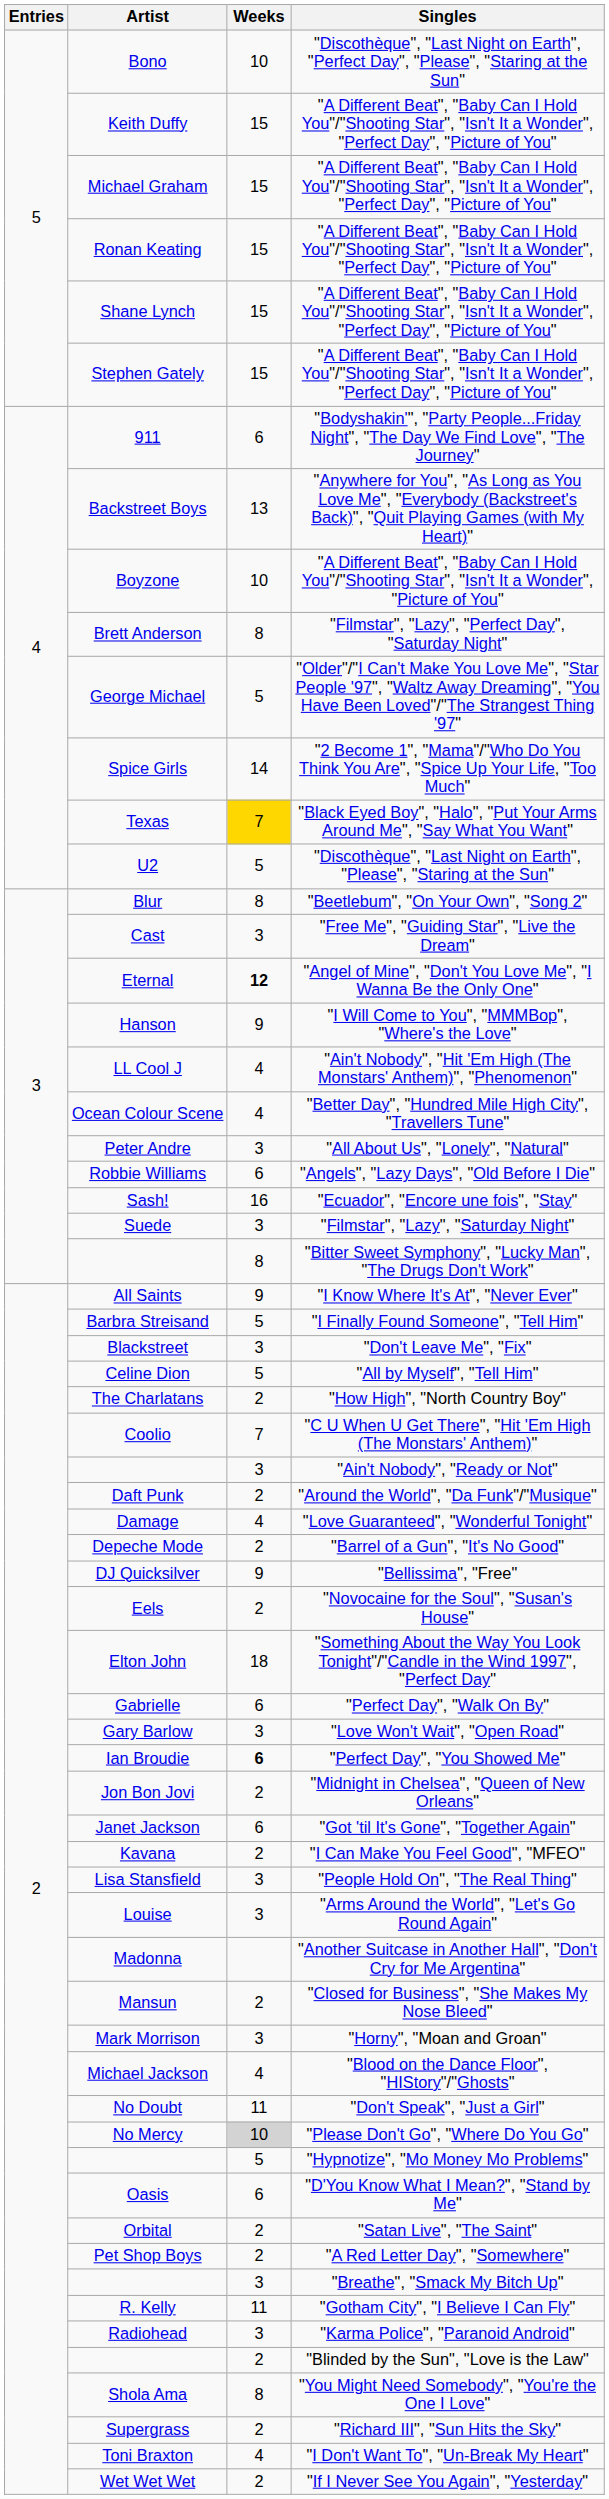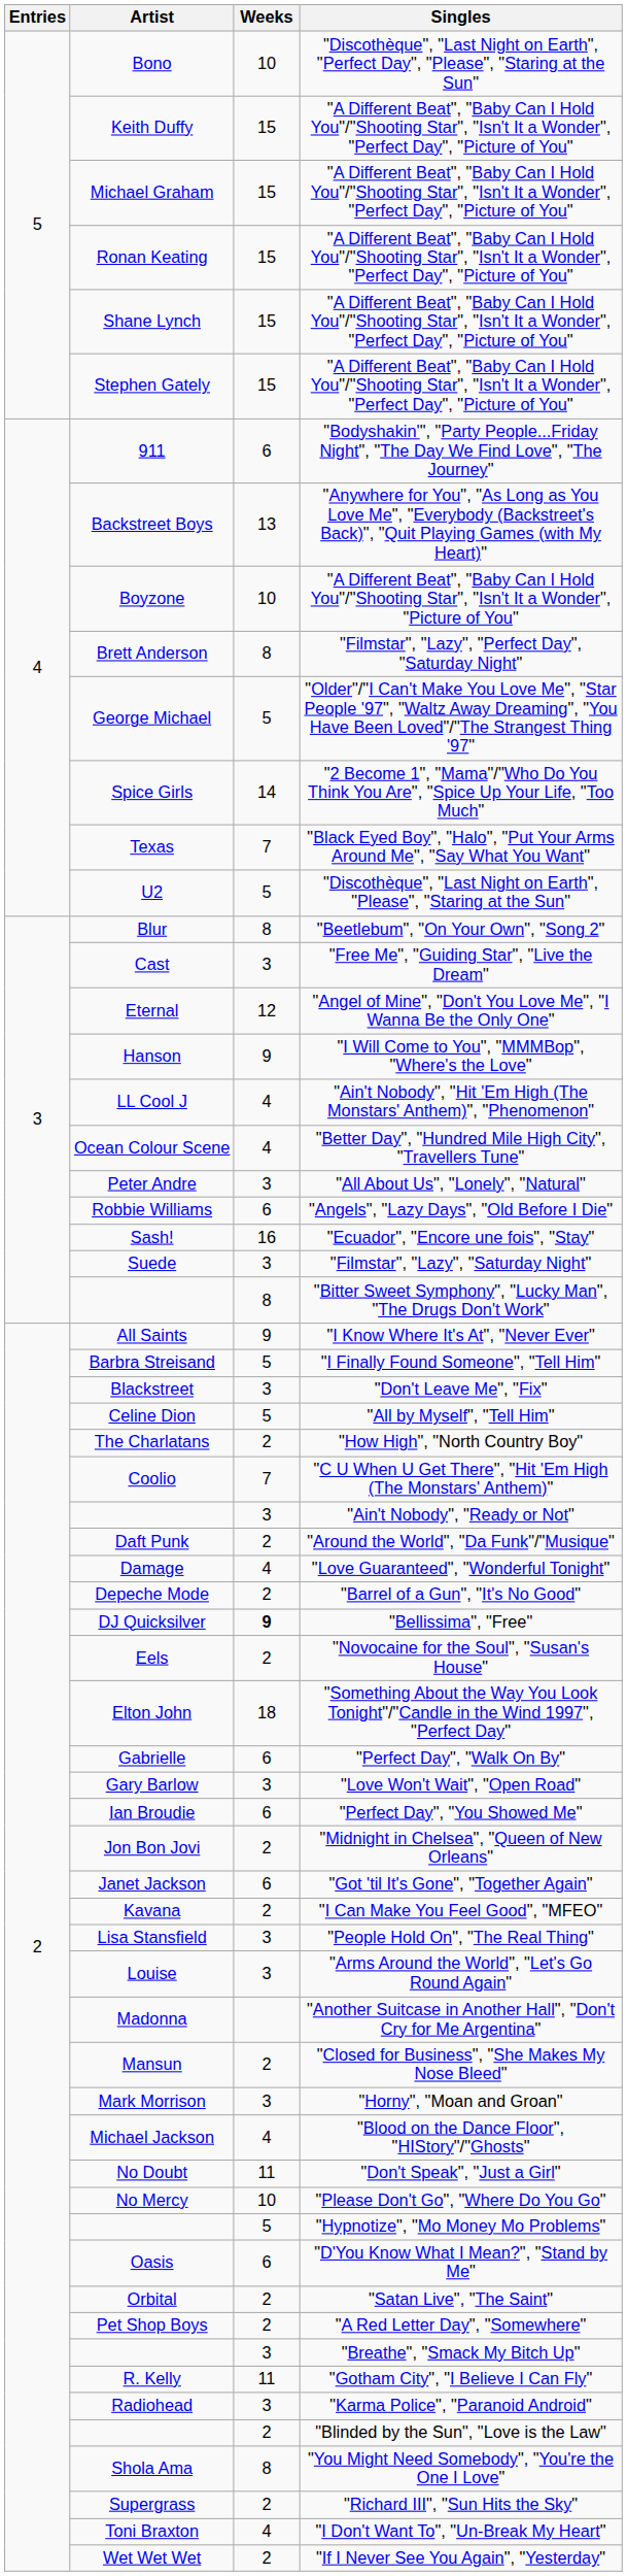 <table class="wikitable sortable" style="text-align: center;">
 <tr>
 <th scope="col" style="width:55px;" data-sort-type="number">Entries</th>
 <th scope="col" style="text-align:center;">Artist</th>
 <th scope="col" style="width:55px;" data-sort-type="number">Weeks</th>
 <th scope="col" style="width:300px;">Singles</th>
 </tr>
 <tr>
 <td rowspan="6">5</td>
 <td><a href='#'>Bono</a> </td>
 <td>10</td>
 <td>"<a href='#'>Discothèque</a>", "<a href='#'>Last Night on Earth</a>", "<a href='#'>Perfect Day</a>", "<a href='#'>Please</a>", "<a href='#'>Staring at the Sun</a>"</td>
 </tr>
 <tr>
 <td><a href='#'>Keith Duffy</a> </td>
 <td>15</td>
 <td>"<a href='#'>A Different Beat</a>", "<a href='#'>Baby Can I Hold You</a>"/"<a href='#'>Shooting Star</a>", "<a href='#'>Isn't It a Wonder</a>", "<a href='#'>Perfect Day</a>", "<a href='#'>Picture of You</a>"</td>
 </tr>
 <tr>
 <td><a href='#'>Michael Graham</a> </td>
 <td>15</td>
 <td>"<a href='#'>A Different Beat</a>", "<a href='#'>Baby Can I Hold You</a>"/"<a href='#'>Shooting Star</a>", "<a href='#'>Isn't It a Wonder</a>", "<a href='#'>Perfect Day</a>", "<a href='#'>Picture of You</a>"</td>
 </tr>
 <tr>
 <td><a href='#'>Ronan Keating</a> </td>
 <td>15</td>
 <td>"<a href='#'>A Different Beat</a>", "<a href='#'>Baby Can I Hold You</a>"/"<a href='#'>Shooting Star</a>", "<a href='#'>Isn't It a Wonder</a>", "<a href='#'>Perfect Day</a>", "<a href='#'>Picture of You</a>"</td>
 </tr>
 <tr>
 <td><a href='#'>Shane Lynch</a> </td>
 <td>15</td>
 <td>"<a href='#'>A Different Beat</a>", "<a href='#'>Baby Can I Hold You</a>"/"<a href='#'>Shooting Star</a>", "<a href='#'>Isn't It a Wonder</a>", "<a href='#'>Perfect Day</a>", "<a href='#'>Picture of You</a>"</td>
 </tr>
 <tr>
 <td><a href='#'>Stephen Gately</a> </td>
 <td>15</td>
 <td>"<a href='#'>A Different Beat</a>", "<a href='#'>Baby Can I Hold You</a>"/"<a href='#'>Shooting Star</a>", "<a href='#'>Isn't It a Wonder</a>", "<a href='#'>Perfect Day</a>", "<a href='#'>Picture of You</a>"</td>
 </tr>
 <tr>
 <td rowspan="8">4</td>
 <td><a href='#'>911</a></td>
 <td>6</td>
 <td>"<a href='#'>Bodyshakin'</a>", "<a href='#'>Party People...Friday Night</a>", "<a href='#'>The Day We Find Love</a>", "<a href='#'>The Journey</a>"</td>
 </tr>
 <tr>
 <td><a href='#'>Backstreet Boys</a></td>
 <td>13</td>
 <td>"<a href='#'>Anywhere for You</a>", "<a href='#'>As Long as You Love Me</a>", "<a href='#'>Everybody (Backstreet's Back)</a>", "<a href='#'>Quit Playing Games (with My Heart)</a>"</td>
 </tr>
 <tr>
 <td><a href='#'>Boyzone</a> </td>
 <td>10</td>
 <td>"<a href='#'>A Different Beat</a>", "<a href='#'>Baby Can I Hold You</a>"/"<a href='#'>Shooting Star</a>", "<a href='#'>Isn't It a Wonder</a>", "<a href='#'>Picture of You</a>"</td>
 </tr>
 <tr>
 <td><a href='#'>Brett Anderson</a> </td>
 <td>8</td>
 <td>"<a href='#'>Filmstar</a>", "<a href='#'>Lazy</a>", "<a href='#'>Perfect Day</a>", "<a href='#'>Saturday Night</a>"</td>
 </tr>
 <tr>
 <td><a href='#'>George Michael</a></td>
 <td>5</td>
 <td>"<a href='#'>Older</a>"/"<a href='#'>I Can't Make You Love Me</a>", "<a href='#'>Star People '97</a>", "<a href='#'>Waltz Away Dreaming</a>", "<a href='#'>You Have Been Loved</a>"/"<a href='#'>The Strangest Thing '97</a>"</td>
 </tr>
 <tr>
 <td><a href='#'>Spice Girls</a> </td>
 <td>14</td>
 <td>"<a href='#'>2 Become 1</a>", "<a href='#'>Mama</a>"/"<a href='#'>Who Do You Think You Are</a>", "<a href='#'>Spice Up Your Life</a>, "<a href='#'>Too Much</a>"</td>
 </tr>
 <tr>
 <td><a href='#'>Texas</a></td>
-<td style="background: gold;">7</td>
+<td>7</td>
 <td>"<a href='#'>Black Eyed Boy</a>", "<a href='#'>Halo</a>", "<a href='#'>Put Your Arms Around Me</a>", "<a href='#'>Say What You Want</a>"</td>
 </tr>
 <tr>
 <td><a href='#'>U2</a></td>
 <td>5</td>
 <td>"<a href='#'>Discothèque</a>", "<a href='#'>Last Night on Earth</a>", "<a href='#'>Please</a>", "<a href='#'>Staring at the Sun</a>"</td>
 </tr>
 <tr>
 <td rowspan="11">3</td>
 <td><a href='#'>Blur</a></td>
 <td>8</td>
 <td>"<a href='#'>Beetlebum</a>", "<a href='#'>On Your Own</a>", "<a href='#'>Song 2</a>"</td>
 </tr>
 <tr>
 <td><a href='#'>Cast</a></td>
 <td>3</td>
 <td>"<a href='#'>Free Me</a>", "<a href='#'>Guiding Star</a>", "<a href='#'>Live the Dream</a>"</td>
 </tr>
 <tr>
 <td><a href='#'>Eternal</a></td>
-<td><strong>12</strong></td>
+<td>12</td>
 <td>"<a href='#'>Angel of Mine</a>", "<a href='#'>Don't You Love Me</a>", "<a href='#'>I Wanna Be the Only One</a>"</td>
 </tr>
 <tr>
 <td><a href='#'>Hanson</a></td>
 <td>9</td>
 <td>"<a href='#'>I Will Come to You</a>", "<a href='#'>MMMBop</a>", "<a href='#'>Where's the Love</a>"</td>
 </tr>
 <tr>
 <td><a href='#'>LL Cool J</a></td>
 <td>4</td>
 <td>"<a href='#'>Ain't Nobody</a>", "<a href='#'>Hit 'Em High (The Monstars' Anthem)</a>", "<a href='#'>Phenomenon</a>"</td>
 </tr>
 <tr>
 <td><a href='#'>Ocean Colour Scene</a></td>
 <td>4</td>
 <td>"<a href='#'>Better Day</a>", "<a href='#'>Hundred Mile High City</a>", "<a href='#'>Travellers Tune</a>"</td>
 </tr>
 <tr>
 <td><a href='#'>Peter Andre</a></td>
 <td>3</td>
 <td>"<a href='#'>All About Us</a>", "<a href='#'>Lonely</a>", "<a href='#'>Natural</a>"</td>
 </tr>
 <tr>
 <td><a href='#'>Robbie Williams</a> </td>
 <td>6</td>
 <td>"<a href='#'>Angels</a>", "<a href='#'>Lazy Days</a>", "<a href='#'>Old Before I Die</a>"</td>
 </tr>
 <tr>
 <td><a href='#'>Sash!</a></td>
 <td>16</td>
 <td>"<a href='#'>Ecuador</a>", "<a href='#'>Encore une fois</a>", "<a href='#'>Stay</a>"</td>
 </tr>
 <tr>
 <td><a href='#'>Suede</a></td>
 <td>3</td>
 <td>"<a href='#'>Filmstar</a>", "<a href='#'>Lazy</a>", "<a href='#'>Saturday Night</a>"</td>
 </tr>
 <tr>
 <td></td>
 <td>8</td>
 <td>"<a href='#'>Bitter Sweet Symphony</a>", "<a href='#'>Lucky Man</a>", "<a href='#'>The Drugs Don't Work</a>"</td>
 </tr>
 <tr>
 <td rowspan="40">2</td>
 <td><a href='#'>All Saints</a> </td>
 <td>9</td>
 <td>"<a href='#'>I Know Where It's At</a>", "<a href='#'>Never Ever</a>"</td>
 </tr>
 <tr>
 <td><a href='#'>Barbra Streisand</a></td>
 <td>5</td>
 <td>"<a href='#'>I Finally Found Someone</a>", "<a href='#'>Tell Him</a>"</td>
 </tr>
 <tr>
 <td><a href='#'>Blackstreet</a></td>
 <td>3</td>
 <td>"<a href='#'>Don't Leave Me</a>", "<a href='#'>Fix</a>"</td>
 </tr>
 <tr>
 <td><a href='#'>Celine Dion</a> </td>
 <td>5</td>
 <td>"<a href='#'>All by Myself</a>", "<a href='#'>Tell Him</a>"</td>
 </tr>
 <tr>
 <td><a href='#'>The Charlatans</a></td>
 <td>2</td>
 <td>"<a href='#'>How High</a>", "North Country Boy"</td>
 </tr>
 <tr>
 <td><a href='#'>Coolio</a></td>
 <td>7</td>
 <td>"<a href='#'>C U When U Get There</a>", "<a href='#'>Hit 'Em High (The Monstars' Anthem)</a>"</td>
 </tr>
 <tr>
 <td></td>
 <td>3</td>
 <td>"<a href='#'>Ain't Nobody</a>", "<a href='#'>Ready or Not</a>"</td>
 </tr>
 <tr>
 <td><a href='#'>Daft Punk</a></td>
 <td>2</td>
 <td>"<a href='#'>Around the World</a>", "<a href='#'>Da Funk</a>"/"<a href='#'>Musique</a>"</td>
 </tr>
 <tr>
 <td><a href='#'>Damage</a></td>
 <td>4</td>
 <td>"<a href='#'>Love Guaranteed</a>", "<a href='#'>Wonderful Tonight</a>"</td>
 </tr>
 <tr>
 <td><a href='#'>Depeche Mode</a></td>
 <td>2</td>
 <td>"<a href='#'>Barrel of a Gun</a>", "<a href='#'>It's No Good</a>"</td>
 </tr>
 <tr>
 <td><a href='#'>DJ Quicksilver</a></td>
-<td>9</td>
+<td><strong>9</strong></td>
 <td>"<a href='#'>Bellissima</a>", "Free"</td>
 </tr>
 <tr>
 <td><a href='#'>Eels</a></td>
 <td>2</td>
 <td>"<a href='#'>Novocaine for the Soul</a>", "<a href='#'>Susan's House</a>"</td>
 </tr>
 <tr>
 <td><a href='#'>Elton John</a> </td>
 <td>18</td>
 <td>"<a href='#'>Something About the Way You Look Tonight</a>"/"<a href='#'>Candle in the Wind 1997</a>", "<a href='#'>Perfect Day</a>"</td>
 </tr>
 <tr>
 <td><a href='#'>Gabrielle</a> </td>
 <td>6</td>
 <td>"<a href='#'>Perfect Day</a>", "<a href='#'>Walk On By</a>"</td>
 </tr>
 <tr>
 <td><a href='#'>Gary Barlow</a></td>
 <td>3</td>
 <td>"<a href='#'>Love Won't Wait</a>", "<a href='#'>Open Road</a>"</td>
 </tr>
 <tr>
 <td><a href='#'>Ian Broudie</a> </td>
-<td><strong>6</strong></td>
+<td>6</td>
 <td>"<a href='#'>Perfect Day</a>", "<a href='#'>You Showed Me</a>"</td>
 </tr>
 <tr>
 <td><a href='#'>Jon Bon Jovi</a></td>
 <td>2</td>
 <td>"<a href='#'>Midnight in Chelsea</a>", "<a href='#'>Queen of New Orleans</a>"</td>
 </tr>
 <tr>
 <td><a href='#'>Janet Jackson</a></td>
 <td>6</td>
 <td>"<a href='#'>Got 'til It's Gone</a>", "<a href='#'>Together Again</a>"</td>
 </tr>
 <tr>
 <td><a href='#'>Kavana</a></td>
 <td>2</td>
 <td>"<a href='#'>I Can Make You Feel Good</a>", "MFEO"</td>
 </tr>
 <tr>
 <td><a href='#'>Lisa Stansfield</a></td>
 <td>3</td>
 <td>"<a href='#'>People Hold On</a>", "<a href='#'>The Real Thing</a>"</td>
 </tr>
 <tr>
 <td><a href='#'>Louise</a></td>
 <td>3</td>
 <td>"<a href='#'>Arms Around the World</a>", "<a href='#'>Let's Go Round Again</a>"</td>
 </tr>
 <tr>
 <td><a href='#'>Madonna</a> </td>
 <td></td>
 <td>"<a href='#'>Another Suitcase in Another Hall</a>", "<a href='#'>Don't Cry for Me Argentina</a>"</td>
 </tr>
 <tr>
 <td><a href='#'>Mansun</a></td>
 <td>2</td>
 <td>"<a href='#'>Closed for Business</a>", "<a href='#'>She Makes My Nose Bleed</a>"</td>
 </tr>
 <tr>
 <td><a href='#'>Mark Morrison</a> </td>
 <td>3</td>
 <td>"<a href='#'>Horny</a>", "Moan and Groan"</td>
 </tr>
 <tr>
 <td><a href='#'>Michael Jackson</a></td>
 <td>4</td>
 <td>"<a href='#'>Blood on the Dance Floor</a>", "<a href='#'>HIStory</a>"/"<a href='#'>Ghosts</a>"</td>
 </tr>
 <tr>
 <td><a href='#'>No Doubt</a></td>
 <td>11</td>
 <td>"<a href='#'>Don't Speak</a>", "<a href='#'>Just a Girl</a>"</td>
 </tr>
 <tr>
 <td><a href='#'>No Mercy</a></td>
-<td style="background: lightgrey;">10</td>
+<td>10</td>
 <td>"<a href='#'>Please Don't Go</a>", "<a href='#'>Where Do You Go</a>"</td>
 </tr>
 <tr>
 <td></td>
 <td>5</td>
 <td>"<a href='#'>Hypnotize</a>", "<a href='#'>Mo Money Mo Problems</a>"</td>
 </tr>
 <tr>
 <td><a href='#'>Oasis</a></td>
 <td>6</td>
 <td>"<a href='#'>D'You Know What I Mean?</a>", "<a href='#'>Stand by Me</a>"</td>
 </tr>
 <tr>
 <td><a href='#'>Orbital</a></td>
 <td>2</td>
 <td>"<a href='#'>Satan Live</a>", "<a href='#'>The Saint</a>"</td>
 </tr>
 <tr>
 <td><a href='#'>Pet Shop Boys</a></td>
 <td>2</td>
 <td>"<a href='#'>A Red Letter Day</a>", "<a href='#'>Somewhere</a>"</td>
 </tr>
 <tr>
 <td> </td>
 <td>3</td>
 <td>"<a href='#'>Breathe</a>", "<a href='#'>Smack My Bitch Up</a>"</td>
 </tr>
 <tr>
 <td><a href='#'>R. Kelly</a></td>
 <td>11</td>
 <td>"<a href='#'>Gotham City</a>", "<a href='#'>I Believe I Can Fly</a>"</td>
 </tr>
 <tr>
 <td><a href='#'>Radiohead</a></td>
 <td>3</td>
 <td>"<a href='#'>Karma Police</a>", "<a href='#'>Paranoid Android</a>"</td>
 </tr>
 <tr>
 <td></td>
 <td>2</td>
 <td>"Blinded by the Sun", "Love is the Law"</td>
 </tr>
 <tr>
 <td><a href='#'>Shola Ama</a></td>
 <td>8</td>
 <td>"<a href='#'>You Might Need Somebody</a>", "<a href='#'>You're the One I Love</a>"</td>
 </tr>
 <tr>
 <td><a href='#'>Supergrass</a></td>
 <td>2</td>
 <td>"<a href='#'>Richard III</a>", "<a href='#'>Sun Hits the Sky</a>"</td>
 </tr>
 <tr>
 <td><a href='#'>Toni Braxton</a> </td>
 <td>4</td>
 <td>"<a href='#'>I Don't Want To</a>", "<a href='#'>Un-Break My Heart</a>"</td>
 </tr>
 <tr>
 <td><a href='#'>Wet Wet Wet</a></td>
 <td>2</td>
 <td>"<a href='#'>If I Never See You Again</a>", "<a href='#'>Yesterday</a>"</td>
 </tr>
 </table>
